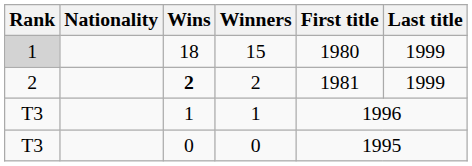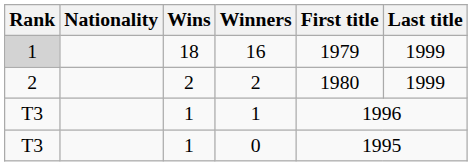 <table class="wikitable">
 <tr style="background:#efefef;">
 <th>Rank</th>
 <th>Nationality</th>
 <th>Wins</th>
 <th>Winners</th>
 <th>First title</th>
 <th>Last title</th>
 </tr>
 <tr>
 <td align=center style="background: lightgrey;">1</td>
 <td></td>
 <td align=center>18</td>
-<td align=center>15</td>
-<td align=center>1980</td>
+<td align=center>16</td>
+<td align=center>1979</td>
 <td align=center>1999</td>
 </tr>
 <tr>
 <td align=center>2</td>
 <td></td>
-<td align=center><strong>2</strong></td>
 <td align=center>2</td>
-<td align=center>1981</td>
+<td align=center>2</td>
+<td align=center>1980</td>
 <td align=center>1999</td>
 </tr>
 <tr>
 <td align=center>T3</td>
 <td></td>
 <td align=center>1</td>
 <td align=center>1</td>
 <td align=center colspan=2>1996</td>
 </tr>
 <tr>
 <td align=center>T3</td>
 <td><br></td>
-<td align=center>0</td>
+<td align=center>1</td>
 <td align=center>0</td>
 <td align=center colspan=2>1995</td>
 </tr>
 </table>
